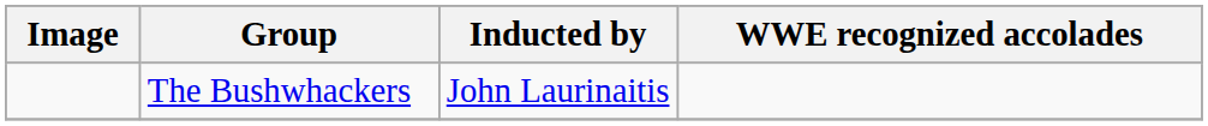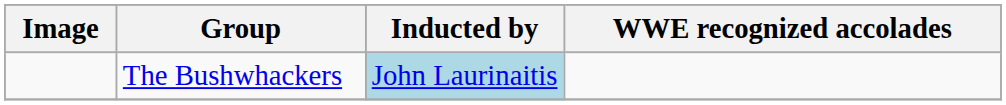 <table class="wikitable" style="font-size: 95%">
 <tr>
 <th class="unsortable">Image</th>
 <th style="width:25%;">Group</th>
 <th style="width:20%;">Inducted by</th>
 <th class="unsortable">WWE recognized accolades</th>
 </tr>
 <tr>
 <td></td>
 <td><a href='#'>The Bushwhackers</a></td>
-<td><a href='#'>John Laurinaitis</a></td>
+<td style="background: lightblue;"><a href='#'>John Laurinaitis</a></td>
 <td></td>
 </tr>
 <tr>
 </tr>
 </table>
